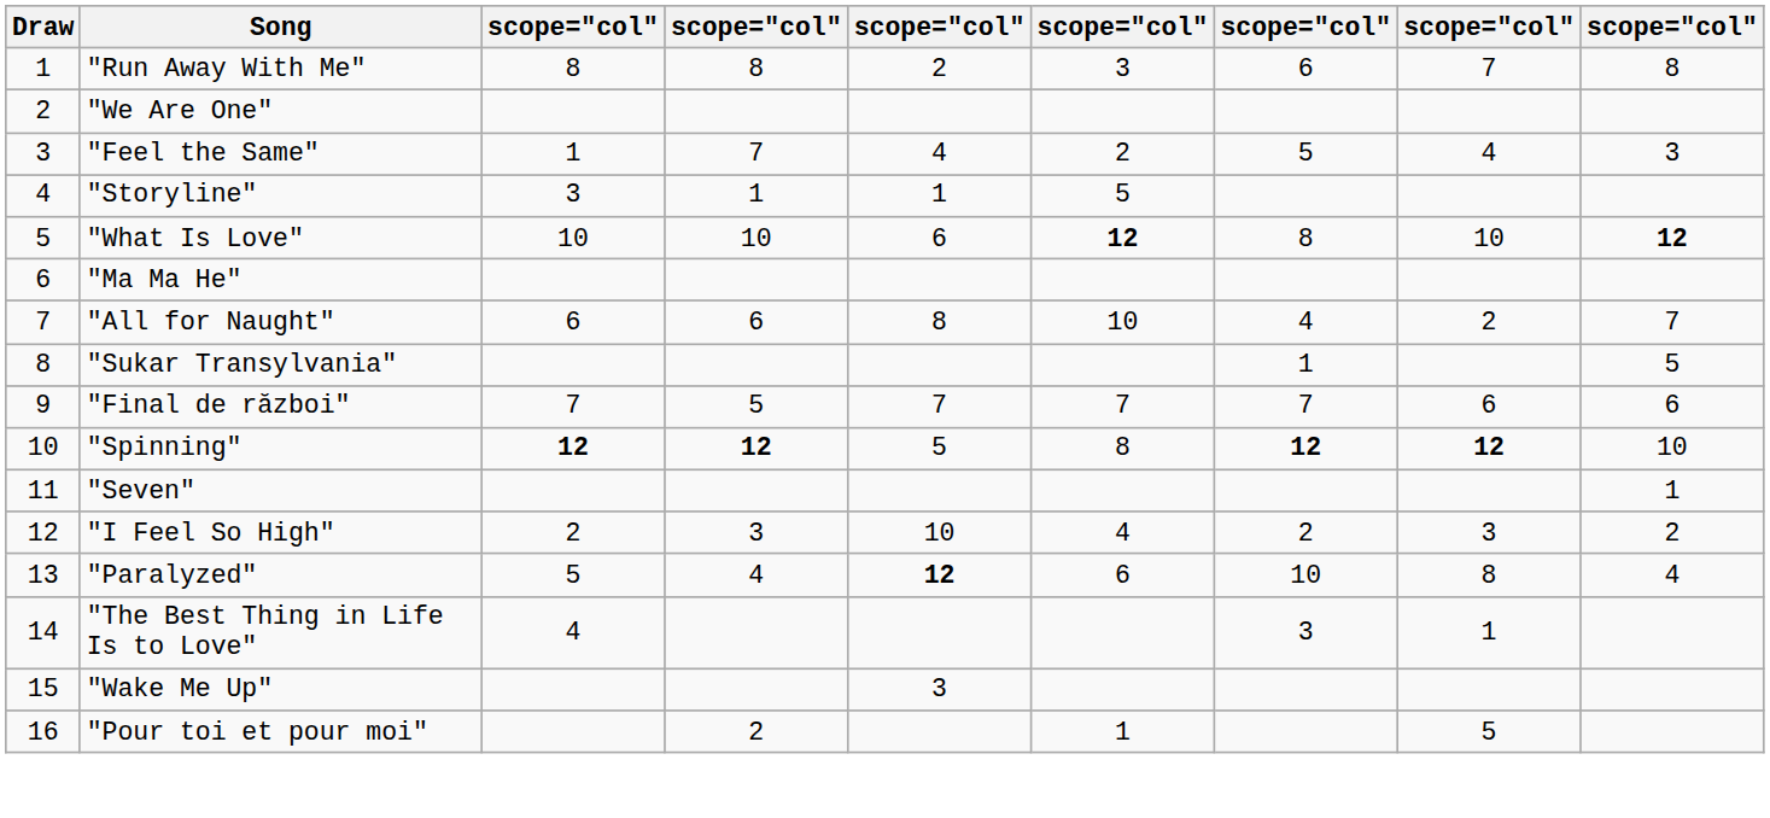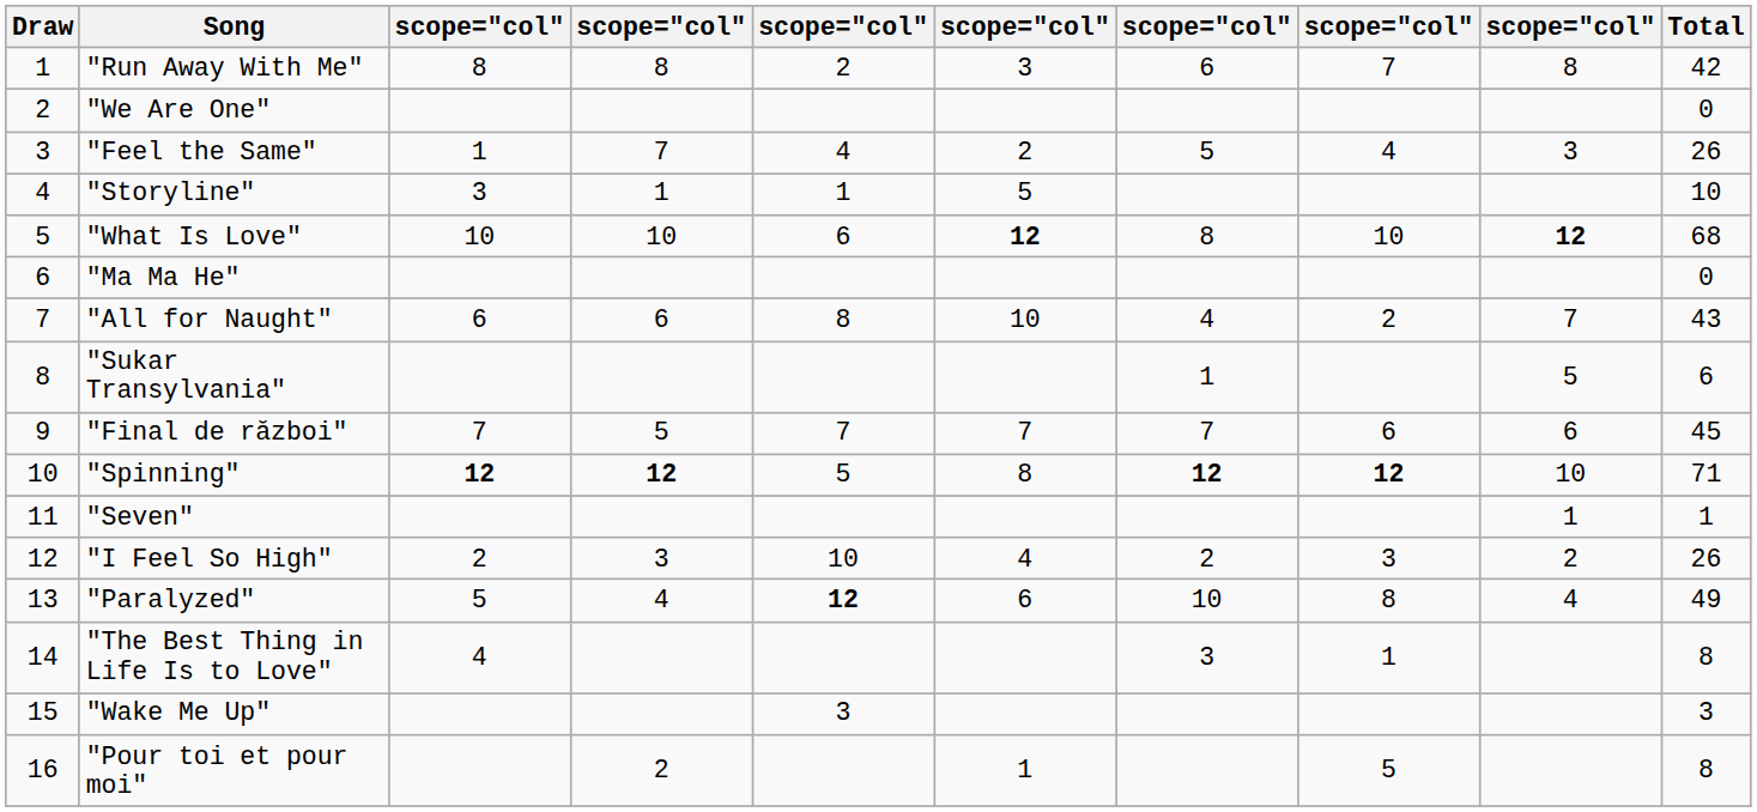 <table class="wikitable collapsible" style="margin: 1em auto 1em auto; text-align:center;">
 <tr>
 <th>Draw</th>
 <th>Song</th>
 <th>scope="col" </th>
 <th>scope="col" </th>
 <th>scope="col" </th>
 <th>scope="col" </th>
 <th>scope="col" </th>
 <th>scope="col" </th>
 <th>scope="col" </th>
+<th>Total</th>
 </tr>
 <tr>
 <td>1</td>
 <td align="left">"Run Away With Me"</td>
 <td>8</td>
 <td>8</td>
 <td>2</td>
 <td>3</td>
 <td>6</td>
 <td>7</td>
 <td>8</td>
+<td>42</td>
 </tr>
 <tr>
 <td>2</td>
 <td align="left">"We Are One"</td>
 <td></td>
 <td></td>
 <td></td>
 <td></td>
 <td></td>
 <td></td>
 <td></td>
+<td>0</td>
 </tr>
 <tr>
 <td>3</td>
 <td align="left">"Feel the Same"</td>
 <td>1</td>
 <td>7</td>
 <td>4</td>
 <td>2</td>
 <td>5</td>
 <td>4</td>
 <td>3</td>
+<td>26</td>
 </tr>
 <tr>
 <td>4</td>
 <td align="left">"Storyline"</td>
 <td>3</td>
 <td>1</td>
 <td>1</td>
 <td>5</td>
 <td></td>
 <td></td>
 <td></td>
+<td>10</td>
 </tr>
 <tr>
 <td>5</td>
 <td align="left">"What Is Love"</td>
 <td>10</td>
 <td>10</td>
 <td>6</td>
 <td><strong>12</strong></td>
 <td>8</td>
 <td>10</td>
 <td><strong>12</strong></td>
+<td>68</td>
 </tr>
 <tr>
 <td>6</td>
 <td align="left">"Ma Ma He"</td>
 <td></td>
 <td></td>
 <td></td>
 <td></td>
 <td></td>
 <td></td>
 <td></td>
+<td>0</td>
 </tr>
 <tr>
 <td>7</td>
 <td align="left">"All for Naught"</td>
 <td>6</td>
 <td>6</td>
 <td>8</td>
 <td>10</td>
 <td>4</td>
 <td>2</td>
 <td>7</td>
+<td>43</td>
 </tr>
 <tr>
 <td>8</td>
 <td align="left">"Sukar Transylvania"</td>
 <td></td>
 <td></td>
 <td></td>
 <td></td>
 <td>1</td>
 <td></td>
 <td>5</td>
+<td>6</td>
 </tr>
 <tr>
 <td>9</td>
 <td align="left">"Final de război"</td>
 <td>7</td>
 <td>5</td>
 <td>7</td>
 <td>7</td>
 <td>7</td>
 <td>6</td>
 <td>6</td>
+<td>45</td>
 </tr>
 <tr>
 <td>10</td>
 <td align="left">"Spinning"</td>
 <td><strong>12</strong></td>
 <td><strong>12</strong></td>
 <td>5</td>
 <td>8</td>
 <td><strong>12</strong></td>
 <td><strong>12</strong></td>
 <td>10</td>
+<td>71</td>
 </tr>
 <tr>
 <td>11</td>
 <td align="left">"Seven"</td>
 <td></td>
 <td></td>
 <td></td>
 <td></td>
 <td></td>
 <td></td>
+<td>1</td>
 <td>1</td>
 </tr>
 <tr>
 <td>12</td>
 <td align="left">"I Feel So High"</td>
 <td>2</td>
 <td>3</td>
 <td>10</td>
 <td>4</td>
 <td>2</td>
 <td>3</td>
 <td>2</td>
+<td>26</td>
 </tr>
 <tr>
 <td>13</td>
 <td align="left">"Paralyzed"</td>
 <td>5</td>
 <td>4</td>
 <td><strong>12</strong></td>
 <td>6</td>
 <td>10</td>
 <td>8</td>
 <td>4</td>
+<td>49</td>
 </tr>
 <tr>
 <td>14</td>
 <td align="left">"The Best Thing in Life Is to Love"</td>
 <td>4</td>
 <td></td>
 <td></td>
 <td></td>
 <td>3</td>
 <td>1</td>
 <td></td>
+<td>8</td>
 </tr>
 <tr>
 <td>15</td>
 <td align="left">"Wake Me Up"</td>
 <td></td>
 <td></td>
 <td>3</td>
 <td></td>
 <td></td>
 <td></td>
 <td></td>
+<td>3</td>
 </tr>
 <tr>
 <td>16</td>
 <td align="left">"Pour toi et pour moi"</td>
 <td></td>
 <td>2</td>
 <td></td>
 <td>1</td>
 <td></td>
 <td>5</td>
 <td></td>
+<td>8</td>
 </tr>
 </table>
